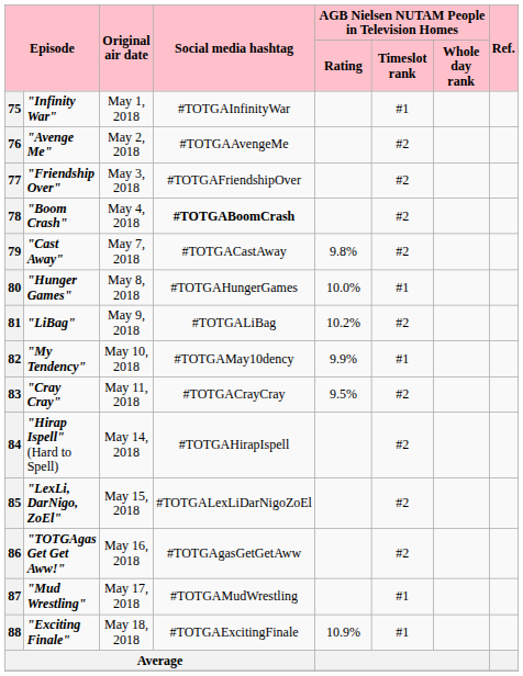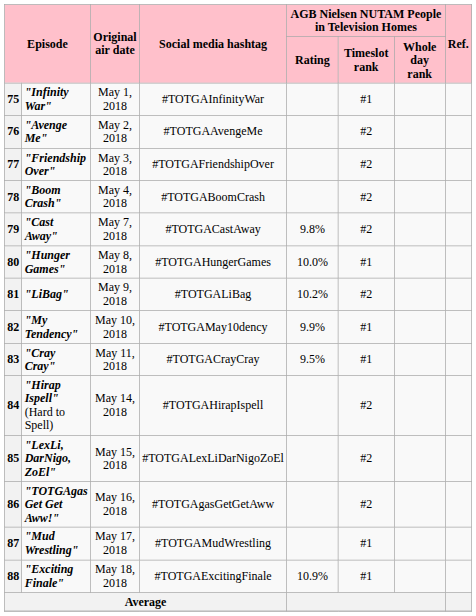 <table class="wikitable" style="text-align:center; font-size:100%; line-height:18px;" width="100%">
 <tr>
 <th style="background-color:#FFC0CB; color:#000000;" colspan="2" rowspan="2">Episode</th>
 <th style="background-color:#FFC0CB; color:black" rowspan="2">Original air date</th>
 <th style="background-color:#FFC0CB; color:black" rowspan="2">Social media hashtag</th>
 <th style="background-color:#FFC0CB; color:#000000;" colspan="3">AGB Nielsen NUTAM People in Television Homes</th>
 <th style="background-color:#FFC0CB; color:#000000;" rowspan="2">Ref.</th>
 </tr>
 <tr>
 <th style="background-color:#FFC0CB; width:75px; color:#000000;">Rating</th>
 <th style="background-color:#FFC0CB; width:75px; color:#000000;">Timeslot<br>rank</th>
 <th style="background-color:#FFC0CB; width:75px; color:#000000;">Whole day<br>rank</th>
 </tr>
 <tr>
 <th>75</th>
 <td style="text-align: left;"><strong><em>"Infinity War"</em></strong></td>
 <td>May 1, 2018</td>
 <td>#TOTGAInfinityWar</td>
 <td></td>
 <td>#1</td>
 <td></td>
 <td></td>
 </tr>
 <tr>
 <th>76</th>
 <td style="text-align: left;"><strong><em>"Avenge Me"</em></strong></td>
 <td>May 2, 2018</td>
 <td>#TOTGAAvengeMe</td>
 <td></td>
 <td>#2</td>
 <td></td>
 <td></td>
 </tr>
 <tr>
 <th>77</th>
 <td style="text-align: left;"><strong><em>"Friendship Over"</em></strong></td>
 <td>May 3, 2018</td>
 <td>#TOTGAFriendshipOver</td>
 <td></td>
 <td>#2</td>
 <td></td>
 <td></td>
 </tr>
 <tr>
 <th>78</th>
 <td style="text-align: left;"><strong><em>"Boom Crash"</em></strong></td>
 <td>May 4, 2018</td>
-<td><strong>#TOTGABoomCrash</strong></td>
+<td>#TOTGABoomCrash</td>
 <td></td>
 <td>#2</td>
 <td></td>
 <td></td>
 </tr>
 <tr>
 <th>79</th>
 <td style="text-align: left;"><strong><em>"Cast Away"</em></strong></td>
 <td>May 7, 2018</td>
 <td>#TOTGACastAway</td>
 <td>9.8%</td>
 <td>#2</td>
 <td></td>
 <td></td>
 </tr>
 <tr>
 <th>80</th>
 <td style="text-align: left;"><strong><em>"Hunger Games"</em></strong></td>
 <td>May 8, 2018</td>
 <td>#TOTGAHungerGames</td>
 <td>10.0%</td>
 <td>#1</td>
 <td></td>
 <td></td>
 </tr>
 <tr>
 <th>81</th>
 <td style="text-align: left;"><strong><em>"LiBag"</em></strong></td>
 <td>May 9, 2018</td>
 <td>#TOTGALiBag</td>
 <td>10.2%</td>
 <td>#2</td>
 <td></td>
 <td></td>
 </tr>
 <tr>
 <th>82</th>
 <td style="text-align: left;"><strong><em>"My Tendency"</em></strong></td>
 <td>May 10, 2018</td>
 <td>#TOTGAMay10dency</td>
 <td>9.9%</td>
 <td>#1</td>
 <td></td>
 <td></td>
 </tr>
 <tr>
 <th>83</th>
 <td style="text-align: left;"><strong><em>"Cray Cray"</em></strong></td>
 <td>May 11, 2018</td>
 <td>#TOTGACrayCray</td>
 <td>9.5%</td>
-<td>#2</td>
+<td>#1</td>
 <td></td>
 <td></td>
 </tr>
 <tr>
 <th>84</th>
 <td style="text-align: left;"><strong><em>"Hirap Ispell"</em></strong> (Hard to Spell)</td>
 <td>May 14, 2018</td>
 <td>#TOTGAHirapIspell</td>
 <td></td>
 <td>#2</td>
 <td></td>
 <td></td>
 </tr>
 <tr>
 <th>85</th>
 <td style="text-align: left;"><strong><em>"LexLi, DarNigo, ZoEl"</em></strong></td>
 <td>May 15, 2018</td>
 <td>#TOTGALexLiDarNigoZoEl</td>
 <td></td>
 <td>#2</td>
 <td></td>
 <td></td>
 </tr>
 <tr>
 <th>86</th>
 <td style="text-align: left;"><strong><em>"TOTGAgas Get Get Aww!"</em></strong></td>
 <td>May 16, 2018</td>
 <td>#TOTGAgasGetGetAww</td>
 <td></td>
 <td>#2</td>
 <td></td>
 <td></td>
 </tr>
 <tr>
 <th>87</th>
 <td style="text-align: left;"><strong><em>"Mud Wrestling"</em></strong></td>
 <td>May 17, 2018</td>
 <td>#TOTGAMudWrestling</td>
 <td></td>
 <td>#1</td>
 <td></td>
 <td></td>
 </tr>
 <tr>
 <th>88</th>
 <td style="text-align: left;"><strong><em>"Exciting Finale"</em></strong></td>
 <td>May 18, 2018</td>
 <td>#TOTGAExcitingFinale</td>
 <td>10.9%</td>
 <td>#1</td>
 <td></td>
 <td></td>
 </tr>
 <tr>
 <th colspan="4">Average</th>
 <th colspan="3"></th>
 <th></th>
 </tr>
 <tr>
 </tr>
 </table>
